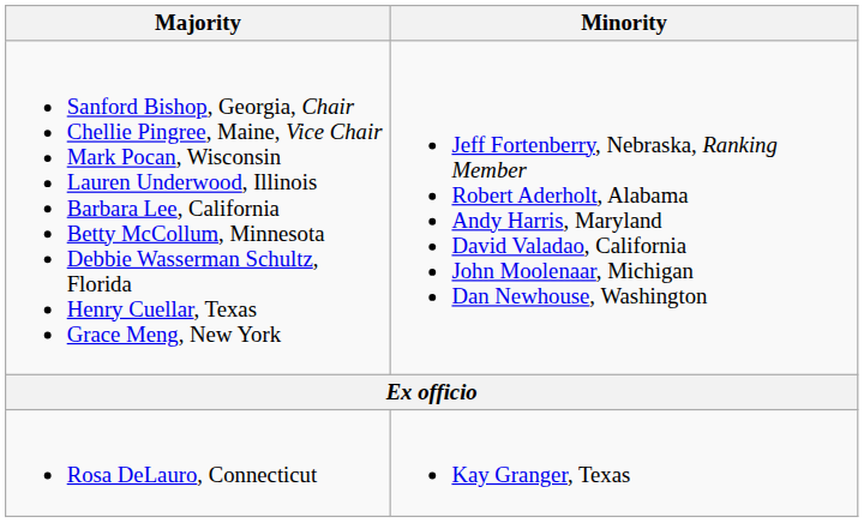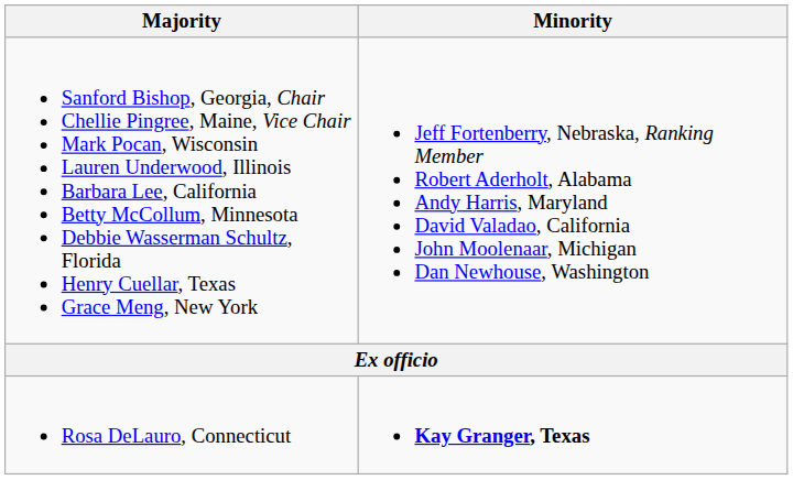 <table class=wikitable>
 <tr>
 <th>Majority</th>
 <th>Minority</th>
 </tr>
 <tr>
 <td><br><ul><li><a href='#'>Sanford Bishop</a>, Georgia, <em>Chair</em></li><li><a href='#'>Chellie Pingree</a>, Maine, <em>Vice Chair</em></li><li><a href='#'>Mark Pocan</a>, Wisconsin</li><li><a href='#'>Lauren Underwood</a>, Illinois</li><li><a href='#'>Barbara Lee</a>, California</li><li><a href='#'>Betty McCollum</a>, Minnesota</li><li><a href='#'>Debbie Wasserman Schultz</a>, Florida</li><li><a href='#'>Henry Cuellar</a>, Texas</li><li><a href='#'>Grace Meng</a>, New York</li></ul></td>
 <td><br><ul><li><a href='#'>Jeff Fortenberry</a>, Nebraska, <em>Ranking Member</em></li><li><a href='#'>Robert Aderholt</a>, Alabama</li><li><a href='#'>Andy Harris</a>, Maryland</li><li><a href='#'>David Valadao</a>, California</li><li><a href='#'>John Moolenaar</a>, Michigan</li><li><a href='#'>Dan Newhouse</a>, Washington</li></ul></td>
 </tr>
 <tr>
 <th colspan=2><em>Ex officio</em></th>
 </tr>
 <tr>
 <td><br><ul><li><a href='#'>Rosa DeLauro</a>, Connecticut</li></ul></td>
-<td><br><ul><li><a href='#'>Kay Granger</a>, Texas</li></ul></td>
+<td><strong><br><ul><li><a href='#'>Kay Granger</a>, Texas</li></ul></strong></td>
 </tr>
 </table>
